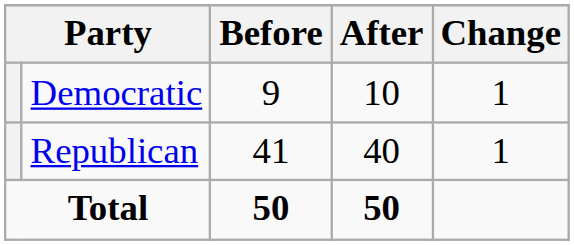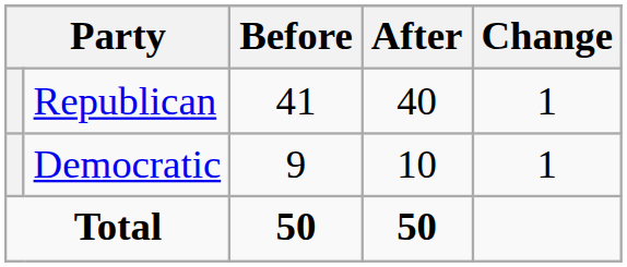 <table class="wikitable" style="text-align:center;">
 <tr>
 </tr>
 <tr>
 <th colspan=2>Party</th>
 <th>Before</th>
 <th>After</th>
 <th>Change</th>
 </tr>
 <tr>
 <th style="background-color:"></th>
-<td style="text-align:left;"><a href='#'>Democratic</a></td>
-<td>9</td>
-<td>10</td>
+<td style="text-align:left;"><a href='#'>Republican</a></td>
+<td>41</td>
+<td>40</td>
 <td> 1</td>
 </tr>
 <tr>
 <th style="background-color:"></th>
-<td style="text-align:left;"><a href='#'>Republican</a></td>
-<td>41</td>
-<td>40</td>
+<td style="text-align:left;"><a href='#'>Democratic</a></td>
+<td>9</td>
+<td>10</td>
 <td> 1</td>
 </tr>
 <tr>
 <td colspan=2><strong>Total</strong></td>
 <td><strong>50</strong></td>
 <td><strong>50</strong></td>
 <td></td>
 </tr>
 </table>
